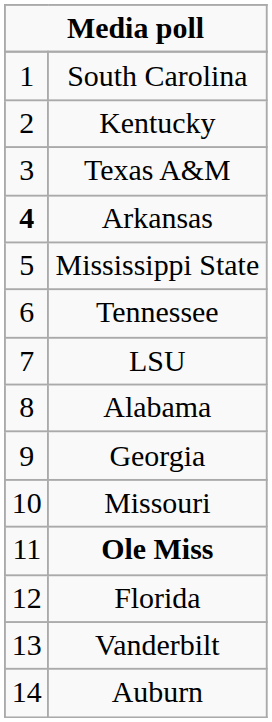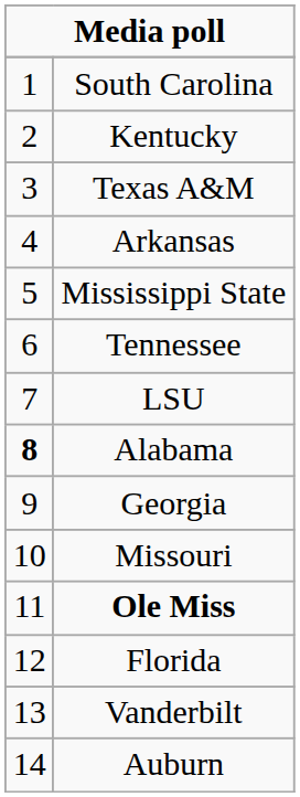 <table class="wikitable">
 <tr align="center">
 <td align="center" Colspan="2"><strong>Media poll</strong></td>
 </tr>
 <tr align="center">
 </tr>
 <tr align="center">
 <td>1</td>
 <td>South Carolina</td>
 </tr>
 <tr align="center">
 <td>2</td>
 <td>Kentucky</td>
 </tr>
 <tr align="center">
 <td>3</td>
 <td>Texas A&M</td>
 </tr>
 <tr align="center">
-<td><strong>4</strong></td>
+<td>4</td>
 <td>Arkansas</td>
 </tr>
 <tr align="center">
 <td>5</td>
 <td>Mississippi State</td>
 </tr>
 <tr align="center">
 <td>6</td>
 <td>Tennessee</td>
 </tr>
 <tr align="center">
 <td>7</td>
 <td>LSU</td>
 </tr>
 <tr align="center">
-<td>8</td>
+<td><strong>8</strong></td>
 <td>Alabama</td>
 </tr>
 <tr align="center">
 <td>9</td>
 <td>Georgia</td>
 </tr>
 <tr align="center">
 <td>10</td>
 <td>Missouri</td>
 </tr>
 <tr align="center">
 <td>11</td>
 <td><strong>Ole Miss</strong></td>
 </tr>
 <tr align="center">
 <td>12</td>
 <td>Florida</td>
 </tr>
 <tr align="center">
 <td>13</td>
 <td>Vanderbilt</td>
 </tr>
 <tr align="center">
 <td>14</td>
 <td>Auburn</td>
 </tr>
 </table>
